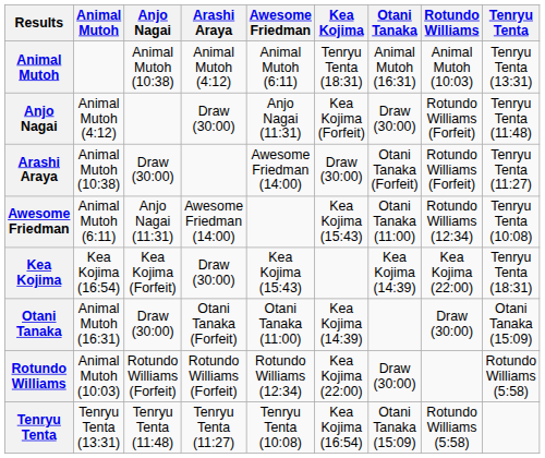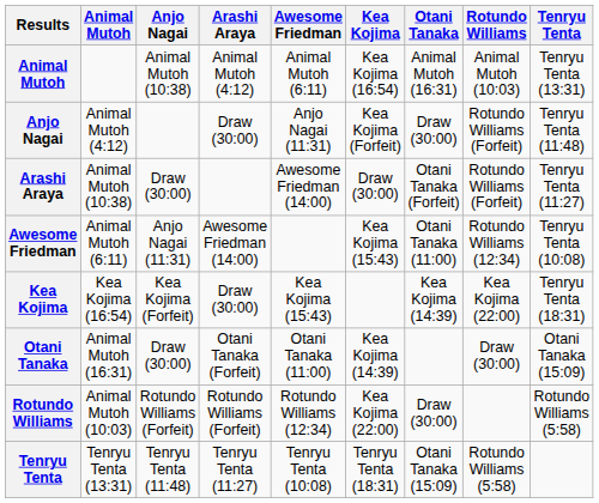 <table class="wikitable" style="text-align:center; margin: 1em auto 1em auto">
 <tr>
 <th>Results</th>
 <th><a href='#'>Animal</a><br><a href='#'>Mutoh</a></th>
 <th><a href='#'>Anjo</a><br>Nagai</th>
 <th><a href='#'>Arashi</a><br>Araya</th>
 <th><a href='#'>Awesome</a><br>Friedman</th>
 <th><a href='#'>Kea</a><br><a href='#'>Kojima</a></th>
 <th><a href='#'>Otani</a><br><a href='#'>Tanaka</a></th>
 <th><a href='#'>Rotundo</a><br><a href='#'>Williams</a></th>
 <th><a href='#'>Tenryu</a><br><a href='#'>Tenta</a></th>
 </tr>
 <tr>
 <th><a href='#'>Animal</a><br><a href='#'>Mutoh</a></th>
 <td></td>
 <td>Animal<br>Mutoh<br>(10:38)</td>
 <td>Animal<br>Mutoh<br>(4:12)</td>
 <td>Animal<br>Mutoh<br>(6:11)</td>
-<td>Tenryu<br>Tenta<br>(18:31)</td>
+<td>Kea<br>Kojima<br>(16:54)</td>
 <td>Animal<br>Mutoh<br>(16:31)</td>
 <td>Animal<br>Mutoh<br>(10:03)</td>
 <td>Tenryu<br>Tenta<br>(13:31)</td>
 </tr>
 <tr>
 <th><a href='#'>Anjo</a><br>Nagai</th>
 <td>Animal<br>Mutoh<br>(4:12)</td>
 <td></td>
 <td>Draw<br>(30:00)</td>
 <td>Anjo<br>Nagai<br>(11:31)</td>
 <td>Kea<br>Kojima<br>(Forfeit)</td>
 <td>Draw<br>(30:00)</td>
 <td>Rotundo<br>Williams<br>(Forfeit)</td>
 <td>Tenryu<br>Tenta<br>(11:48)</td>
 </tr>
 <tr>
 <th><a href='#'>Arashi</a><br>Araya</th>
 <td>Animal<br>Mutoh<br>(10:38)</td>
 <td>Draw<br>(30:00)</td>
 <td></td>
 <td>Awesome<br>Friedman<br>(14:00)</td>
 <td>Draw<br>(30:00)</td>
 <td>Otani<br>Tanaka<br>(Forfeit)</td>
 <td>Rotundo<br>Williams<br>(Forfeit)</td>
 <td>Tenryu<br>Tenta<br>(11:27)</td>
 </tr>
 <tr>
 <th><a href='#'>Awesome</a><br>Friedman</th>
 <td>Animal<br>Mutoh<br>(6:11)</td>
 <td>Anjo<br>Nagai<br>(11:31)</td>
 <td>Awesome<br>Friedman<br>(14:00)</td>
 <td></td>
 <td>Kea<br>Kojima<br>(15:43)</td>
 <td>Otani<br>Tanaka<br>(11:00)</td>
 <td>Rotundo<br>Williams<br>(12:34)</td>
 <td>Tenryu<br>Tenta<br>(10:08)</td>
 </tr>
 <tr>
 <th><a href='#'>Kea</a><br><a href='#'>Kojima</a></th>
 <td>Kea<br>Kojima<br>(16:54)</td>
 <td>Kea<br>Kojima<br>(Forfeit)</td>
 <td>Draw<br>(30:00)</td>
 <td>Kea<br>Kojima<br>(15:43)</td>
 <td></td>
 <td>Kea<br>Kojima<br>(14:39)</td>
 <td>Kea<br>Kojima<br>(22:00)</td>
 <td>Tenryu<br>Tenta<br>(18:31)</td>
 </tr>
 <tr>
 <th><a href='#'>Otani</a><br><a href='#'>Tanaka</a></th>
 <td>Animal<br>Mutoh<br>(16:31)</td>
 <td>Draw<br>(30:00)</td>
 <td>Otani<br>Tanaka<br>(Forfeit)</td>
 <td>Otani<br>Tanaka<br>(11:00)</td>
 <td>Kea<br>Kojima<br>(14:39)</td>
 <td></td>
 <td>Draw<br>(30:00)</td>
 <td>Otani<br>Tanaka<br>(15:09)</td>
 </tr>
 <tr>
 <th><a href='#'>Rotundo</a><br><a href='#'>Williams</a></th>
 <td>Animal<br>Mutoh<br>(10:03)</td>
 <td>Rotundo<br>Williams<br>(Forfeit)</td>
 <td>Rotundo<br>Williams<br>(Forfeit)</td>
 <td>Rotundo<br>Williams<br>(12:34)</td>
 <td>Kea<br>Kojima<br>(22:00)</td>
 <td>Draw<br>(30:00)</td>
 <td></td>
 <td>Rotundo<br>Williams<br>(5:58)</td>
 </tr>
 <tr>
 <th><a href='#'>Tenryu</a><br><a href='#'>Tenta</a></th>
 <td>Tenryu<br>Tenta<br>(13:31)</td>
 <td>Tenryu<br>Tenta<br>(11:48)</td>
 <td>Tenryu<br>Tenta<br>(11:27)</td>
 <td>Tenryu<br>Tenta<br>(10:08)</td>
-<td>Kea<br>Kojima<br>(16:54)</td>
+<td>Tenryu<br>Tenta<br>(18:31)</td>
 <td>Otani<br>Tanaka<br>(15:09)</td>
 <td>Rotundo<br>Williams<br>(5:58)</td>
 <td></td>
 </tr>
 </table>
